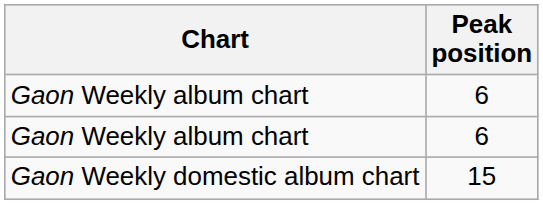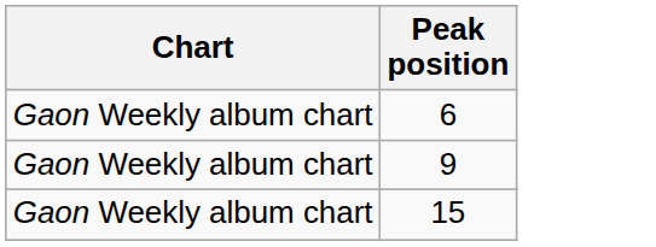 <table class="wikitable sortable">
 <tr>
 <th>Chart</th>
 <th>Peak<br>position</th>
 </tr>
 <tr>
 <td><em>Gaon</em> Weekly album chart</td>
 <td align="center">6</td>
 </tr>
 <tr>
 <td><em>Gaon</em> Weekly album chart</td>
-<td align="center">6</td>
+<td align="center">9</td>
 </tr>
 <tr>
-<td><em>Gaon</em> Weekly domestic album chart</td>
+<td><em>Gaon</em> Weekly album chart</td>
 <td align="center">15</td>
 </tr>
 </table>
